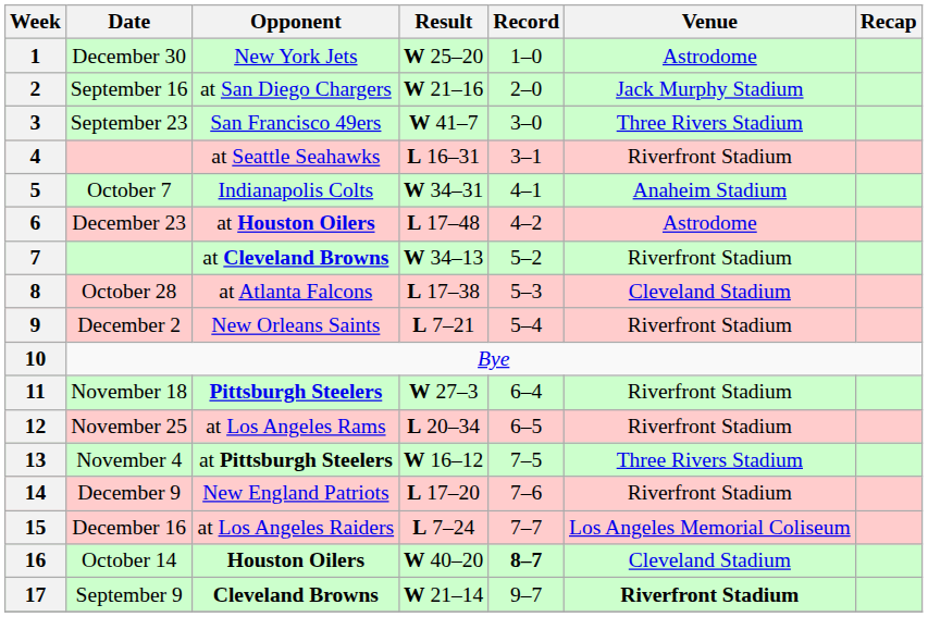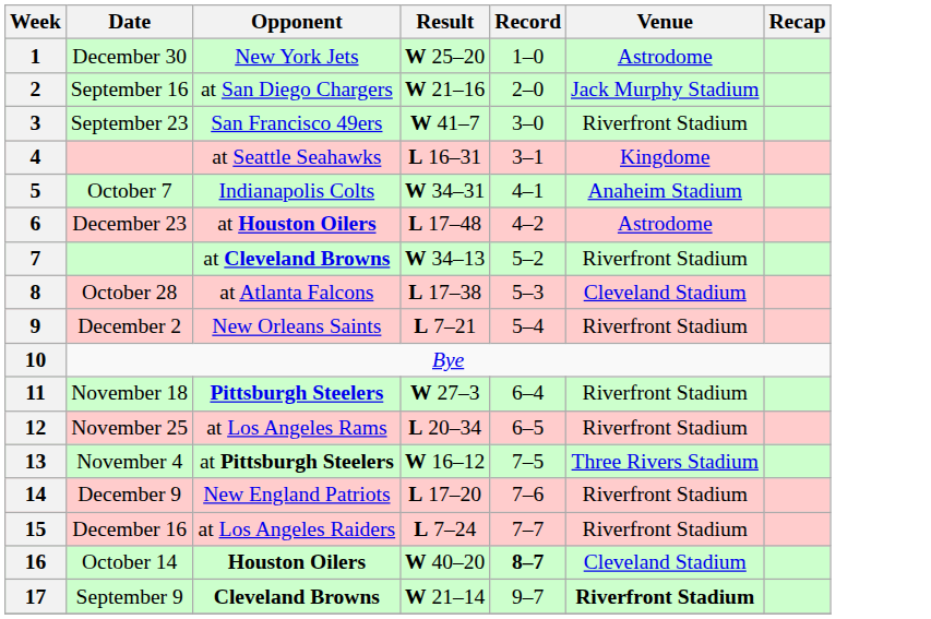 <table class="wikitable" style="text-align:center">
 <tr>
 <th>Week</th>
 <th>Date</th>
 <th>Opponent</th>
 <th>Result</th>
 <th>Record</th>
 <th>Venue</th>
 <th>Recap</th>
 </tr>
 <tr style="background:#cfc">
 <th>1</th>
 <td>December 30</td>
 <td><a href='#'>New York Jets</a></td>
 <td><strong>W</strong> 25–20</td>
 <td>1–0</td>
 <td><a href='#'>Astrodome</a></td>
 <td></td>
 </tr>
 <tr style="background:#cfc">
 <th>2</th>
 <td>September 16</td>
 <td>at <a href='#'>San Diego Chargers</a></td>
 <td><strong>W</strong> 21–16</td>
 <td>2–0</td>
 <td><a href='#'>Jack Murphy Stadium</a></td>
 <td></td>
 </tr>
 <tr style="background:#cfc">
 <th>3</th>
 <td>September 23</td>
 <td><a href='#'>San Francisco 49ers</a></td>
 <td><strong>W</strong> 41–7</td>
 <td>3–0</td>
-<td><a href='#'>Three Rivers Stadium</a></td>
+<td>Riverfront Stadium</td>
 <td></td>
 </tr>
 <tr style="background:#fcc">
 <th>4</th>
 <td></td>
 <td>at <a href='#'>Seattle Seahawks</a></td>
 <td><strong>L</strong> 16–31</td>
 <td>3–1</td>
-<td>Riverfront Stadium</td>
+<td><a href='#'>Kingdome</a></td>
 <td></td>
 </tr>
 <tr style="background:#cfc">
 <th>5</th>
 <td>October 7</td>
 <td><a href='#'>Indianapolis Colts</a></td>
 <td><strong>W</strong> 34–31 </td>
 <td>4–1</td>
 <td><a href='#'>Anaheim Stadium</a></td>
 <td></td>
 </tr>
 <tr style="background:#fcc">
 <th>6</th>
 <td>December 23</td>
 <td>at <strong><a href='#'>Houston Oilers</a></strong></td>
 <td><strong>L</strong> 17–48</td>
 <td>4–2</td>
 <td><a href='#'>Astrodome</a></td>
 <td></td>
 </tr>
 <tr style="background:#cfc">
 <th>7</th>
 <td></td>
 <td>at <strong><a href='#'>Cleveland Browns</a></strong></td>
 <td><strong>W</strong> 34–13</td>
 <td>5–2</td>
 <td>Riverfront Stadium</td>
 <td></td>
 </tr>
 <tr style="background:#fcc">
 <th>8</th>
 <td>October 28</td>
 <td>at <a href='#'>Atlanta Falcons</a></td>
 <td><strong>L</strong> 17–38</td>
 <td>5–3</td>
 <td><a href='#'>Cleveland Stadium</a></td>
 <td></td>
 </tr>
 <tr style="background:#fcc">
 <th>9</th>
 <td>December 2</td>
 <td><a href='#'>New Orleans Saints</a></td>
 <td><strong>L</strong>  7–21</td>
 <td>5–4</td>
 <td>Riverfront Stadium</td>
 <td></td>
 </tr>
 <tr>
 <th>10</th>
 <td align="center" colspan="7"><em><a href='#'>Bye</a></em></td>
 </tr>
 <tr style="background: #cfc;">
 <th>11</th>
 <td>November 18</td>
 <td><strong><a href='#'>Pittsburgh Steelers</a></strong></td>
 <td><strong>W</strong> 27–3</td>
 <td>6–4</td>
 <td>Riverfront Stadium</td>
 <td></td>
 </tr>
 <tr style="background:#fcc">
 <th>12</th>
 <td>November 25</td>
 <td>at <a href='#'>Los Angeles Rams</a></td>
 <td><strong>L</strong> 20–34</td>
 <td>6–5</td>
 <td>Riverfront Stadium</td>
 <td></td>
 </tr>
 <tr style="background:#cfc">
 <th>13</th>
 <td>November 4</td>
 <td>at <strong>Pittsburgh Steelers</strong></td>
 <td><strong>W</strong> 16–12</td>
 <td>7–5</td>
 <td><a href='#'>Three Rivers Stadium</a></td>
 <td></td>
 </tr>
 <tr style="background:#fcc">
 <th>14</th>
 <td>December 9</td>
 <td><a href='#'>New England Patriots</a></td>
 <td><strong>L</strong> 17–20 </td>
 <td>7–6</td>
 <td>Riverfront Stadium</td>
 <td></td>
 </tr>
 <tr style="background:#fcc">
 <th>15</th>
 <td>December 16</td>
 <td>at <a href='#'>Los Angeles Raiders</a></td>
 <td><strong>L</strong>  7–24</td>
 <td>7–7</td>
-<td><a href='#'>Los Angeles Memorial Coliseum</a></td>
+<td>Riverfront Stadium</td>
 <td></td>
 </tr>
 <tr style="background:#cfc">
 <th>16</th>
 <td>October 14</td>
 <td><strong>Houston Oilers</strong></td>
 <td><strong>W</strong> 40–20</td>
 <td><strong>8–7</strong></td>
 <td><a href='#'>Cleveland Stadium</a></td>
 <td></td>
 </tr>
 <tr style="background:#cfc">
 <th>17</th>
 <td>September 9</td>
 <td><strong>Cleveland Browns</strong></td>
 <td><strong>W</strong> 21–14</td>
 <td>9–7</td>
 <td><strong>Riverfront Stadium</strong></td>
 <td></td>
 </tr>
 <tr>
 </tr>
 </table>
